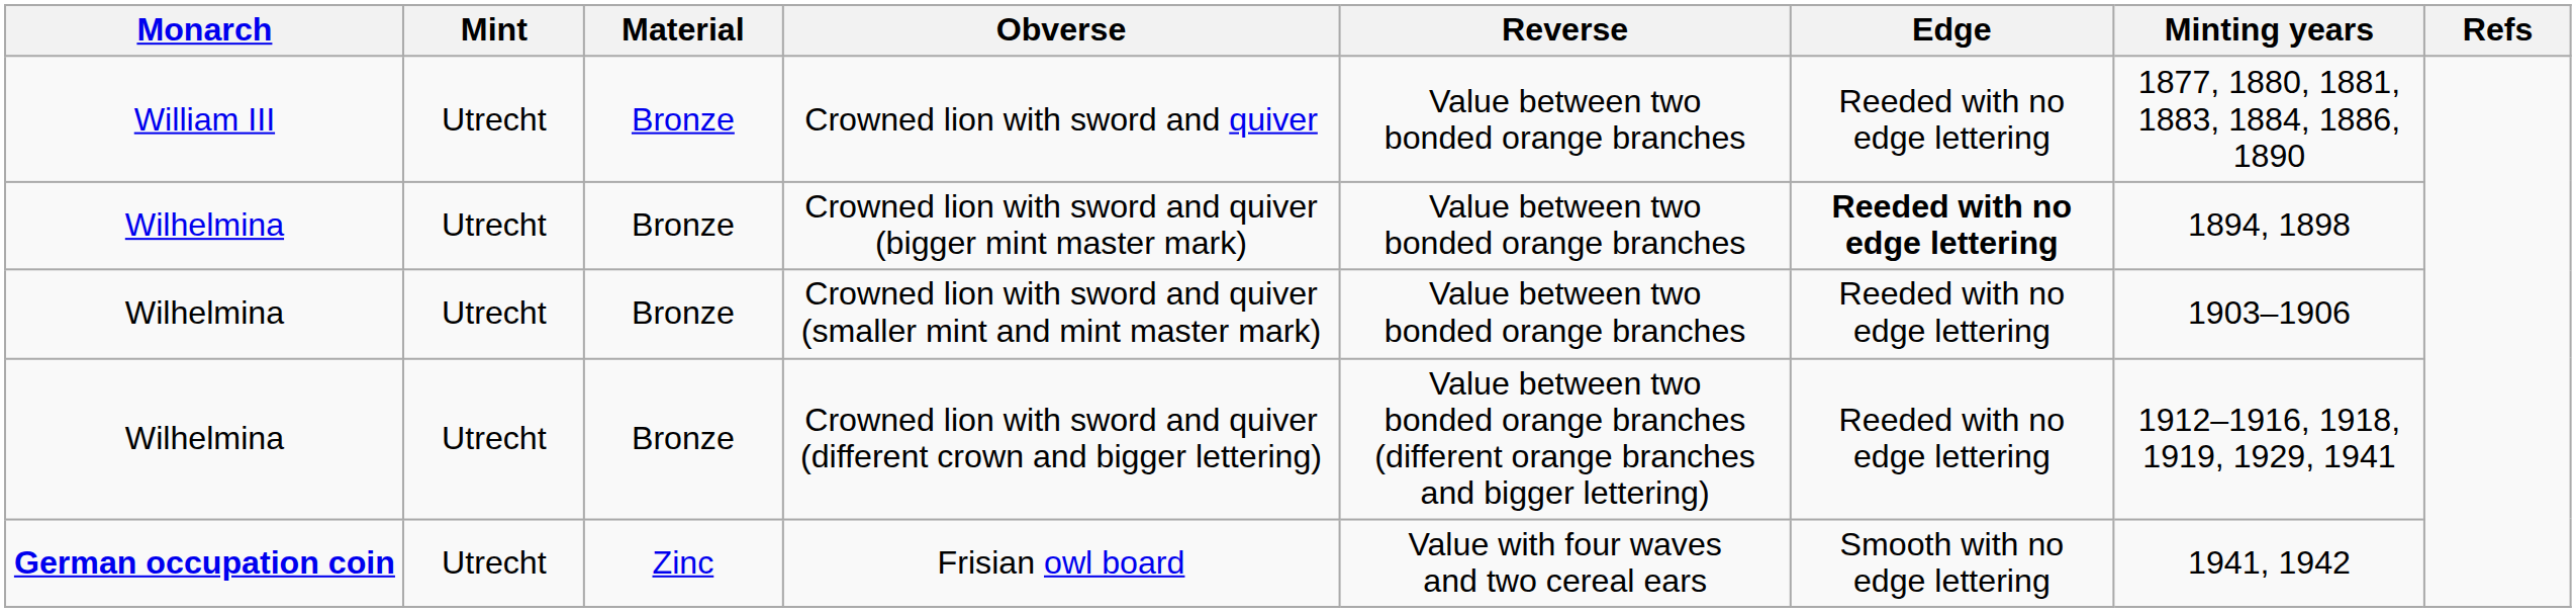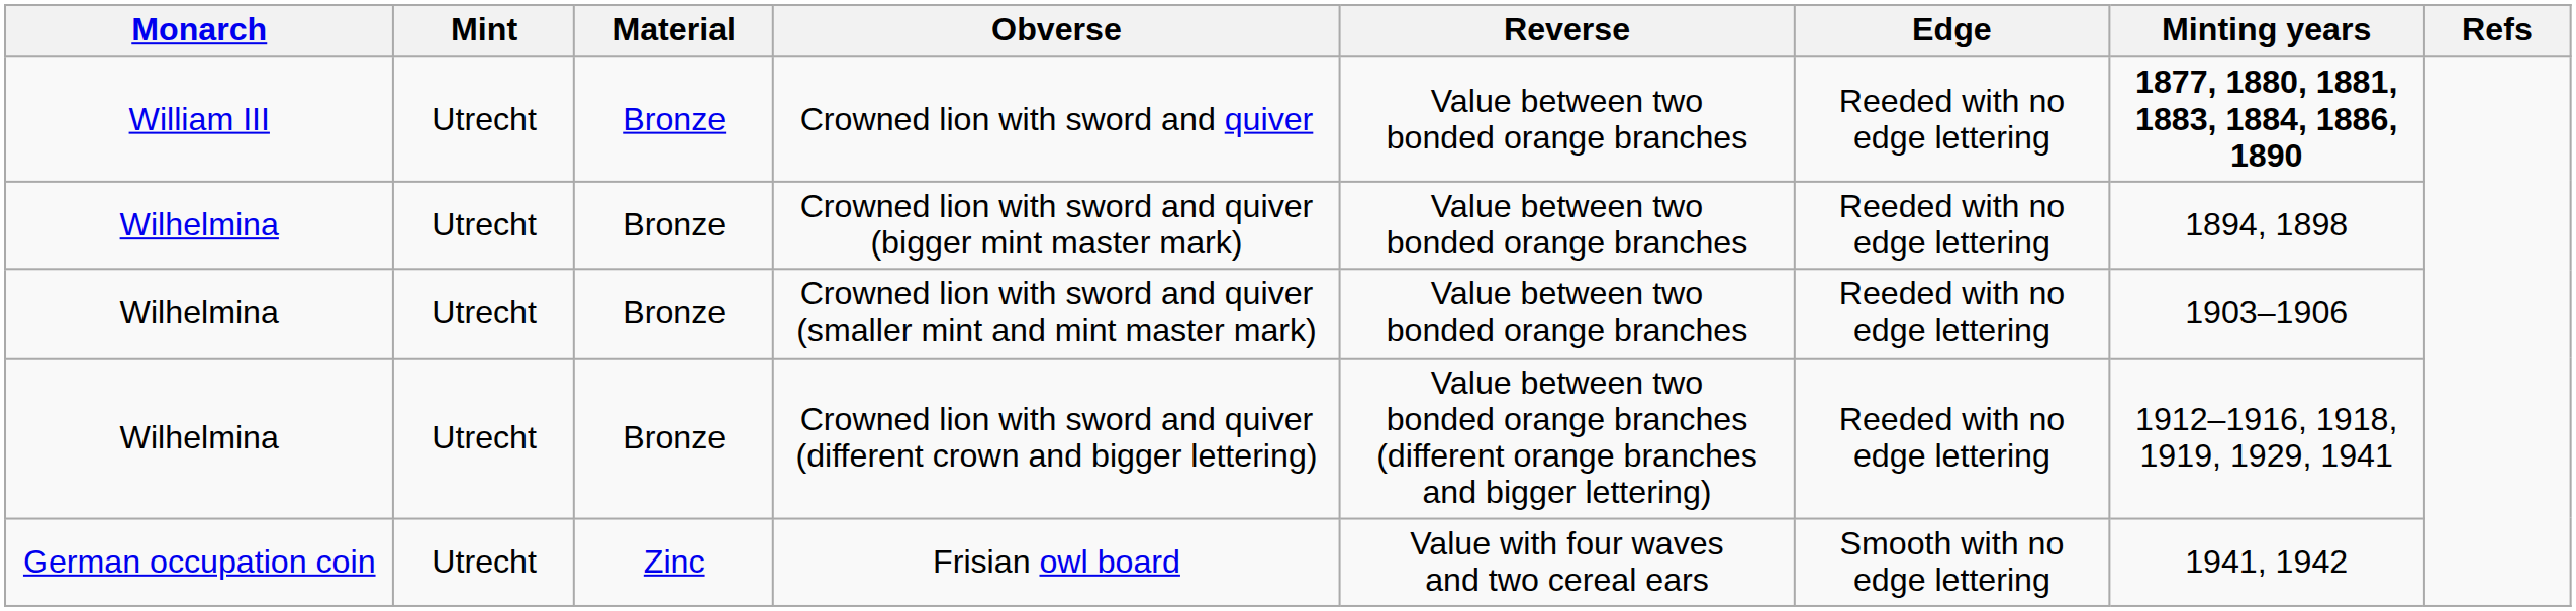 <table class="wikitable" style="width:100%; text-align: center">
 <tr>
 <th width= 3.5%><a href='#'>Monarch</a></th>
 <th width=   1%>Mint</th>
 <th width=   1%>Material</th>
 <th width= 6.5%>Obverse</th>
 <th width=   5%>Reverse</th>
 <th width=   3%>Edge</th>
 <th width=   3%>Minting years</th>
 <th width=   1%>Refs</th>
 </tr>
 <tr>
 <td><a href='#'>William III</a></td>
 <td>Utrecht</td>
 <td><a href='#'>Bronze</a></td>
 <td>Crowned lion with sword and <a href='#'>quiver</a></td>
 <td>Value between two <br>bonded orange branches</td>
 <td>Reeded with no <br>edge lettering</td>
-<td>1877, 1880, 1881, 1883, 1884, 1886, 1890</td>
+<td><strong>1877, 1880, 1881, 1883, 1884, 1886, 1890</strong></td>
 <td rowspan="5"></td>
 </tr>
 <tr>
 <td><a href='#'>Wilhelmina</a></td>
 <td>Utrecht</td>
 <td>Bronze</td>
 <td>Crowned lion with sword and quiver (bigger mint master mark)</td>
 <td>Value between two <br>bonded orange branches</td>
-<td><strong>Reeded with no <br>edge lettering</strong></td>
+<td>Reeded with no <br>edge lettering</td>
 <td>1894, 1898</td>
 </tr>
 <tr>
 <td>Wilhelmina</td>
 <td>Utrecht</td>
 <td>Bronze</td>
 <td>Crowned lion with sword and quiver (smaller mint and mint master mark)</td>
 <td>Value between two <br>bonded orange branches</td>
 <td>Reeded with no <br>edge lettering</td>
 <td>1903–1906</td>
 </tr>
 <tr>
 <td>Wilhelmina</td>
 <td>Utrecht</td>
 <td>Bronze</td>
 <td>Crowned lion with sword and quiver (different crown and bigger lettering)</td>
 <td>Value between two <br>bonded orange branches (different orange branches <br>and bigger lettering)</td>
 <td>Reeded with no <br>edge lettering</td>
 <td>1912–1916, 1918, 1919, 1929, 1941</td>
 </tr>
 <tr>
-<td><strong><a href='#'>German occupation coin</a></strong></td>
+<td><a href='#'>German occupation coin</a></td>
 <td>Utrecht</td>
 <td><a href='#'>Zinc</a></td>
 <td>Frisian <a href='#'>owl board</a></td>
 <td>Value with four waves <br>and two cereal ears</td>
 <td>Smooth with no <br>edge lettering</td>
 <td>1941, 1942</td>
 </tr>
 </table>
